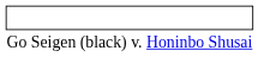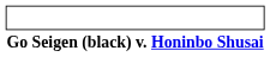 <table>
 <tr>
 <td style="border: solid thin; padding: 2px;"><br></td>
 </tr>
 <tr>
-<td style="text-align:center">Go Seigen (black) v. <a href='#'>Honinbo Shusai</a></td>
+<td style="text-align:center"><strong>Go Seigen (black) v. <a href='#'>Honinbo Shusai</a></strong></td>
 </tr>
 </table>
